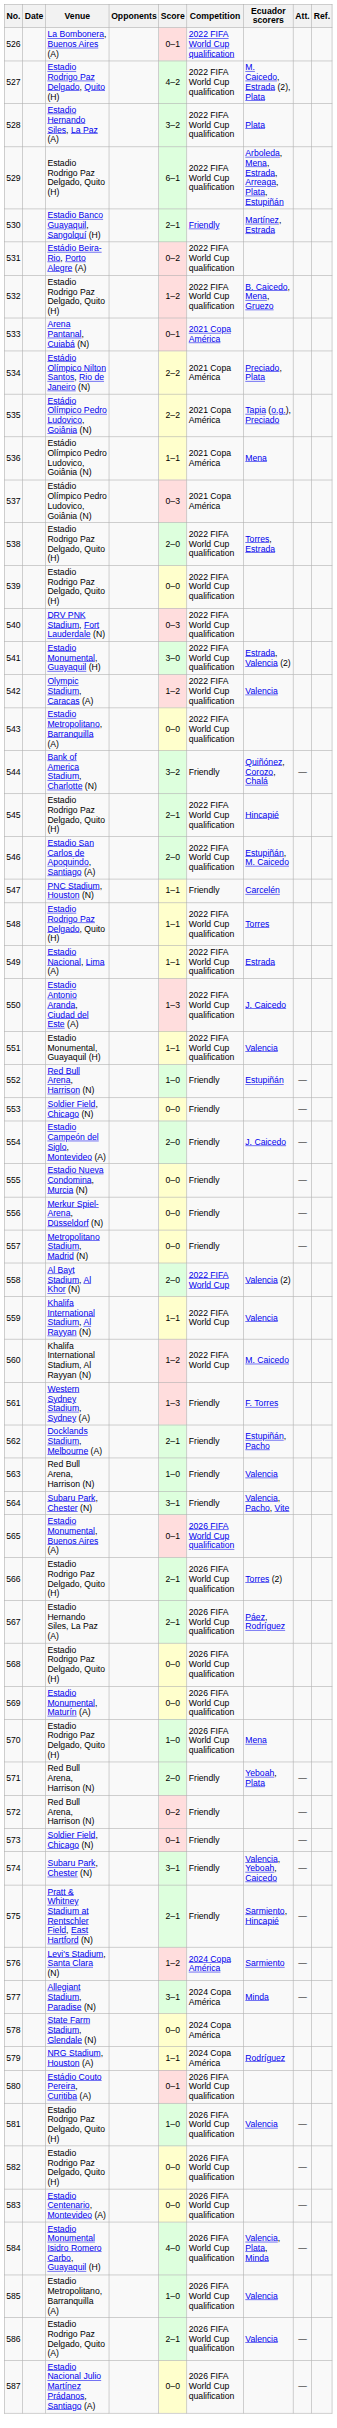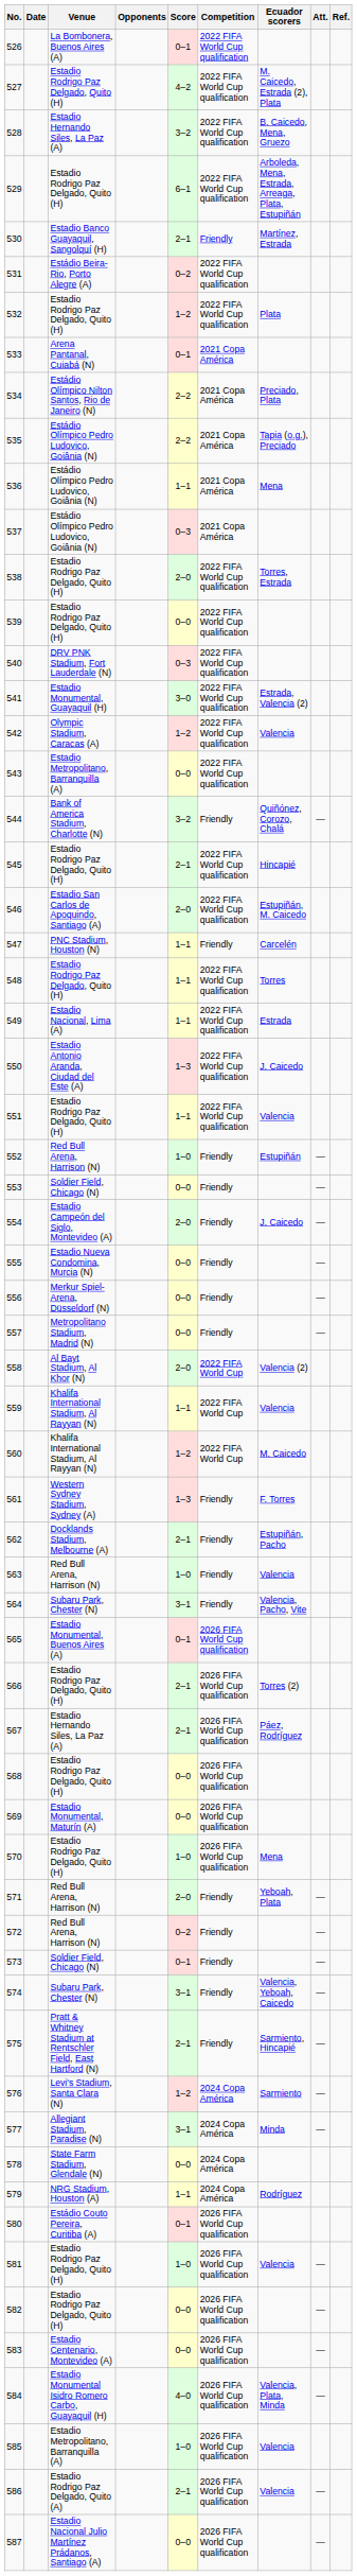 <table class="wikitable sortable">
 <tr>
 <th>No.</th>
 <th>Date</th>
 <th>Venue</th>
 <th>Opponents</th>
 <th>Score</th>
 <th>Competition</th>
 <th class=unsortable>Ecuador scorers</th>
 <th>Att.</th>
 <th class=unsortable>Ref.</th>
 </tr>
 <tr>
 <td>526</td>
 <td></td>
 <td><a href='#'>La Bombonera</a>, <a href='#'>Buenos Aires</a> (A)</td>
 <td></td>
 <td align=center bgcolor=#ffdddd>0–1</td>
 <td><a href='#'>2022 FIFA World Cup qualification</a></td>
 <td></td>
 <td align=center></td>
 <td></td>
 </tr>
 <tr>
 <td>527</td>
 <td></td>
 <td><a href='#'>Estadio Rodrigo Paz Delgado</a>, <a href='#'>Quito</a> (H)</td>
 <td></td>
 <td align=center bgcolor=#ddffdd>4–2</td>
 <td>2022 FIFA World Cup qualification</td>
 <td><a href='#'>M. Caicedo</a>, <a href='#'>Estrada</a> (2), <a href='#'>Plata</a></td>
 <td align=center></td>
 <td></td>
 </tr>
 <tr>
 <td>528</td>
 <td></td>
 <td><a href='#'>Estadio Hernando Siles</a>, <a href='#'>La Paz</a> (A)</td>
 <td></td>
 <td align=center bgcolor=#ddffdd>3–2</td>
 <td>2022 FIFA World Cup qualification</td>
-<td><a href='#'>Plata</a></td>
+<td><a href='#'>B. Caicedo</a>, <a href='#'>Mena</a>, <a href='#'>Gruezo</a></td>
 <td align=center></td>
 <td></td>
 </tr>
 <tr>
 <td>529</td>
 <td></td>
 <td>Estadio Rodrigo Paz Delgado, Quito (H)</td>
 <td></td>
 <td align=center bgcolor=#ddffdd>6–1</td>
 <td>2022 FIFA World Cup qualification</td>
 <td><a href='#'>Arboleda</a>, <a href='#'>Mena</a>, <a href='#'>Estrada</a>, <a href='#'>Arreaga</a>, <a href='#'>Plata</a>, <a href='#'>Estupiñán</a></td>
 <td align=center></td>
 <td></td>
 </tr>
 <tr>
 <td>530</td>
 <td></td>
 <td><a href='#'>Estadio Banco Guayaquil</a>, <a href='#'>Sangolquí</a> (H)</td>
 <td></td>
 <td align=center bgcolor=#ddffdd>2–1</td>
 <td><a href='#'>Friendly</a></td>
 <td><a href='#'>Martínez</a>, <a href='#'>Estrada</a></td>
 <td align=center></td>
 <td></td>
 </tr>
 <tr>
 <td>531</td>
 <td></td>
 <td><a href='#'>Estádio Beira-Rio</a>, <a href='#'>Porto Alegre</a> (A)</td>
 <td></td>
 <td align=center bgcolor=#ffdddd>0–2</td>
 <td>2022 FIFA World Cup qualification</td>
 <td></td>
 <td align=center></td>
 <td></td>
 </tr>
 <tr>
 <td>532</td>
 <td></td>
 <td>Estadio Rodrigo Paz Delgado, Quito (H)</td>
 <td></td>
 <td align=center bgcolor=#ffdddd>1–2</td>
 <td>2022 FIFA World Cup qualification</td>
-<td><a href='#'>B. Caicedo</a>, <a href='#'>Mena</a>, <a href='#'>Gruezo</a></td>
+<td><a href='#'>Plata</a></td>
 <td align=center></td>
 <td></td>
 </tr>
 <tr>
 <td>533</td>
 <td></td>
 <td><a href='#'>Arena Pantanal</a>, <a href='#'>Cuiabá</a> (N)</td>
 <td></td>
 <td align=center bgcolor=#ffdddd>0–1</td>
 <td><a href='#'>2021 Copa América</a></td>
 <td></td>
 <td align=center></td>
 <td></td>
 </tr>
 <tr>
 <td>534</td>
 <td></td>
 <td><a href='#'>Estádio Olímpico Nilton Santos</a>, <a href='#'>Rio de Janeiro</a> (N)</td>
 <td></td>
 <td align=center bgcolor=#ffffcc>2–2</td>
 <td>2021 Copa América</td>
 <td><a href='#'>Preciado</a>, <a href='#'>Plata</a></td>
 <td align=center></td>
 <td></td>
 </tr>
 <tr>
 <td>535</td>
 <td></td>
 <td><a href='#'>Estádio Olímpico Pedro Ludovico</a>, <a href='#'>Goiânia</a> (N)</td>
 <td></td>
 <td align=center bgcolor=#ffffcc>2–2</td>
 <td>2021 Copa América</td>
 <td><a href='#'>Tapia</a> (<a href='#'>o.g.</a>), <a href='#'>Preciado</a></td>
 <td align=center></td>
 <td></td>
 </tr>
 <tr>
 <td>536</td>
 <td></td>
 <td>Estádio Olímpico Pedro Ludovico, Goiânia (N)</td>
 <td></td>
 <td align=center bgcolor=#ffffcc>1–1</td>
 <td>2021 Copa América</td>
 <td><a href='#'>Mena</a></td>
 <td align=center></td>
 <td></td>
 </tr>
 <tr>
 <td>537</td>
 <td></td>
 <td>Estádio Olímpico Pedro Ludovico, Goiânia (N)</td>
 <td></td>
 <td align=center bgcolor=#ffdddd>0–3</td>
 <td>2021 Copa América</td>
 <td></td>
 <td align=center></td>
 <td></td>
 </tr>
 <tr>
 <td>538</td>
 <td></td>
 <td>Estadio Rodrigo Paz Delgado, Quito (H)</td>
 <td></td>
 <td align=center bgcolor=#ddffdd>2–0</td>
 <td>2022 FIFA World Cup qualification</td>
 <td><a href='#'>Torres</a>, <a href='#'>Estrada</a></td>
 <td align=center></td>
 <td></td>
 </tr>
 <tr>
 <td>539</td>
 <td></td>
 <td>Estadio Rodrigo Paz Delgado, Quito (H)</td>
 <td></td>
 <td align=center bgcolor=#ffffcc>0–0</td>
 <td>2022 FIFA World Cup qualification</td>
 <td></td>
 <td align=center></td>
 <td></td>
 </tr>
 <tr>
 <td>540</td>
 <td></td>
 <td><a href='#'>DRV PNK Stadium</a>, <a href='#'>Fort Lauderdale</a> (N)</td>
 <td></td>
 <td align=center bgcolor=#ffdddd>0–3</td>
 <td>2022 FIFA World Cup qualification</td>
 <td></td>
 <td align=center></td>
 <td></td>
 </tr>
 <tr>
 <td>541</td>
 <td></td>
 <td><a href='#'>Estadio Monumental</a>, <a href='#'>Guayaquil</a> (H)</td>
 <td></td>
 <td align=center bgcolor=#ddffdd>3–0</td>
 <td>2022 FIFA World Cup qualification</td>
 <td><a href='#'>Estrada</a>, <a href='#'>Valencia</a> (2)</td>
 <td align=center></td>
 <td></td>
 </tr>
 <tr>
 <td>542</td>
 <td></td>
 <td><a href='#'>Olympic Stadium</a>, <a href='#'>Caracas</a> (A)</td>
 <td></td>
 <td align=center bgcolor=#ffdddd>1–2</td>
 <td>2022 FIFA World Cup qualification</td>
 <td><a href='#'>Valencia</a></td>
 <td align=center></td>
 <td></td>
 </tr>
 <tr>
 <td>543</td>
 <td></td>
 <td><a href='#'>Estadio Metropolitano</a>, <a href='#'>Barranquilla</a> (A)</td>
 <td></td>
 <td align=center bgcolor=#ffffcc>0–0</td>
 <td>2022 FIFA World Cup qualification</td>
 <td></td>
 <td align=center></td>
 <td></td>
 </tr>
 <tr>
 <td>544</td>
 <td></td>
 <td><a href='#'>Bank of America Stadium</a>, <a href='#'>Charlotte</a> (N)</td>
 <td></td>
 <td align=center bgcolor=#ddffdd>3–2</td>
 <td>Friendly</td>
 <td><a href='#'>Quiñónez</a>, <a href='#'>Corozo</a>, <a href='#'>Chalá</a></td>
 <td align=center>—</td>
 <td></td>
 </tr>
 <tr>
 <td>545</td>
 <td></td>
 <td>Estadio Rodrigo Paz Delgado, Quito (H)</td>
 <td></td>
 <td align=center bgcolor=#ddffdd>2–1</td>
 <td>2022 FIFA World Cup qualification</td>
 <td><a href='#'>Hincapié</a></td>
 <td align=center></td>
 <td></td>
 </tr>
 <tr>
 <td>546</td>
 <td></td>
 <td><a href='#'>Estadio San Carlos de Apoquindo</a>, <a href='#'>Santiago</a> (A)</td>
 <td></td>
 <td align=center bgcolor=#ddffdd>2–0</td>
 <td>2022 FIFA World Cup qualification</td>
 <td><a href='#'>Estupiñán</a>, <a href='#'>M. Caicedo</a></td>
 <td align=center></td>
 <td></td>
 </tr>
 <tr>
 <td>547</td>
 <td></td>
 <td><a href='#'>PNC Stadium</a>, <a href='#'>Houston</a> (N)</td>
 <td></td>
 <td align=center bgcolor=#ffffcc>1–1</td>
 <td>Friendly</td>
 <td><a href='#'>Carcelén</a></td>
 <td align=center></td>
 <td></td>
 </tr>
 <tr>
 <td>548</td>
 <td></td>
 <td><a href='#'>Estadio Rodrigo Paz Delgado</a>, Quito (H)</td>
 <td></td>
 <td align=center bgcolor=#ffffcc>1–1</td>
 <td>2022 FIFA World Cup qualification</td>
 <td><a href='#'>Torres</a></td>
 <td align=center></td>
 <td></td>
 </tr>
 <tr>
 <td>549</td>
 <td></td>
 <td><a href='#'>Estadio Nacional</a>, <a href='#'>Lima</a> (A)</td>
 <td></td>
 <td align=center bgcolor=#ffffcc>1–1</td>
 <td>2022 FIFA World Cup qualification</td>
 <td><a href='#'>Estrada</a></td>
 <td align=center></td>
 <td></td>
 </tr>
 <tr>
 <td>550</td>
 <td></td>
 <td><a href='#'>Estadio Antonio Aranda</a>, <a href='#'>Ciudad del Este</a> (A)</td>
 <td></td>
 <td align=center bgcolor=#ffdddd>1–3</td>
 <td>2022 FIFA World Cup qualification</td>
 <td><a href='#'>J. Caicedo</a></td>
 <td align=center></td>
 <td></td>
 </tr>
 <tr>
 <td>551</td>
 <td></td>
-<td>Estadio Monumental, Guayaquil (H)</td>
+<td>Estadio Rodrigo Paz Delgado, Quito (H)</td>
 <td></td>
 <td align=center bgcolor=#ffffcc>1–1</td>
 <td>2022 FIFA World Cup qualification</td>
 <td><a href='#'>Valencia</a></td>
 <td align=center></td>
 <td></td>
 </tr>
 <tr>
 <td>552</td>
 <td></td>
 <td><a href='#'>Red Bull Arena</a>, <a href='#'>Harrison</a> (N)</td>
 <td></td>
 <td align=center bgcolor=#ddffdd>1–0</td>
 <td>Friendly</td>
 <td><a href='#'>Estupiñán</a></td>
 <td align=center>—</td>
 <td></td>
 </tr>
 <tr>
 <td>553</td>
 <td></td>
 <td><a href='#'>Soldier Field</a>, <a href='#'>Chicago</a> (N)</td>
 <td></td>
 <td align=center bgcolor=#ffffcc>0–0</td>
 <td>Friendly</td>
 <td></td>
 <td align=center>—</td>
 <td></td>
 </tr>
 <tr>
 <td>554</td>
 <td></td>
 <td><a href='#'>Estadio Campeón del Siglo</a>, <a href='#'>Montevideo</a> (A)</td>
 <td></td>
 <td align=center bgcolor=#ddffdd>2–0</td>
 <td>Friendly</td>
 <td><a href='#'>J. Caicedo</a></td>
 <td align=center>—</td>
 <td></td>
 </tr>
 <tr>
 <td>555</td>
 <td></td>
 <td><a href='#'>Estadio Nueva Condomina</a>, <a href='#'>Murcia</a> (N)</td>
 <td></td>
 <td align=center bgcolor=#ffffcc>0–0</td>
 <td>Friendly</td>
 <td></td>
 <td align=center>—</td>
 <td></td>
 </tr>
 <tr>
 <td>556</td>
 <td></td>
 <td><a href='#'>Merkur Spiel-Arena</a>, <a href='#'>Düsseldorf</a> (N)</td>
 <td></td>
 <td align=center bgcolor=#ffffcc>0–0</td>
 <td>Friendly</td>
 <td></td>
 <td align=center>—</td>
 <td></td>
 </tr>
 <tr>
 <td>557</td>
 <td></td>
 <td><a href='#'>Metropolitano Stadium</a>, <a href='#'>Madrid</a> (N)</td>
 <td></td>
 <td align=center bgcolor=#ffffcc>0–0</td>
 <td>Friendly</td>
 <td></td>
 <td align=center>—</td>
 <td></td>
 </tr>
 <tr>
 <td>558</td>
 <td></td>
 <td><a href='#'>Al Bayt Stadium</a>, <a href='#'>Al Khor</a> (N)</td>
 <td></td>
 <td align=center bgcolor=#ddffdd>2–0</td>
 <td><a href='#'>2022 FIFA World Cup</a></td>
 <td><a href='#'>Valencia</a> (2)</td>
 <td align=center></td>
 <td></td>
 </tr>
 <tr>
 <td>559</td>
 <td></td>
 <td><a href='#'>Khalifa International Stadium</a>, <a href='#'>Al Rayyan</a> (N)</td>
 <td></td>
 <td align=center bgcolor=#ffffcc>1–1</td>
 <td>2022 FIFA World Cup</td>
 <td><a href='#'>Valencia</a></td>
 <td align=center></td>
 <td></td>
 </tr>
 <tr>
 <td>560</td>
 <td></td>
 <td>Khalifa International Stadium, Al Rayyan (N)</td>
 <td></td>
 <td align=center bgcolor=#ffdddd>1–2</td>
 <td>2022 FIFA World Cup</td>
 <td><a href='#'>M. Caicedo</a></td>
 <td align=center></td>
 <td></td>
 </tr>
 <tr>
 <td>561</td>
 <td></td>
 <td><a href='#'>Western Sydney Stadium</a>, <a href='#'>Sydney</a> (A)</td>
 <td></td>
 <td align=center bgcolor=#ffdddd>1–3</td>
 <td>Friendly</td>
 <td><a href='#'>F. Torres</a></td>
 <td align=center></td>
 <td></td>
 </tr>
 <tr>
 <td>562</td>
 <td></td>
 <td><a href='#'>Docklands Stadium</a>, <a href='#'>Melbourne</a> (A)</td>
 <td></td>
 <td align=center bgcolor=#ddffdd>2–1</td>
 <td>Friendly</td>
 <td><a href='#'>Estupiñán</a>, <a href='#'>Pacho</a></td>
 <td align=center></td>
 <td></td>
 </tr>
 <tr>
 <td>563</td>
 <td></td>
 <td>Red Bull Arena, Harrison (N)</td>
 <td></td>
 <td align=center bgcolor=#ddffdd>1–0</td>
 <td>Friendly</td>
 <td><a href='#'>Valencia</a></td>
 <td align=center></td>
 <td></td>
 </tr>
 <tr>
 <td>564</td>
 <td></td>
 <td><a href='#'>Subaru Park</a>, <a href='#'>Chester</a> (N)</td>
 <td></td>
 <td align=center bgcolor=#ddffdd>3–1</td>
 <td>Friendly</td>
 <td><a href='#'>Valencia</a>, <a href='#'>Pacho</a>, <a href='#'>Vite</a></td>
 <td align=center></td>
 <td></td>
 </tr>
 <tr>
 <td>565</td>
 <td></td>
 <td><a href='#'>Estadio Monumental</a>, <a href='#'>Buenos Aires</a> (A)</td>
 <td></td>
 <td align=center bgcolor=#ffdddd>0–1</td>
 <td><a href='#'>2026 FIFA World Cup qualification</a></td>
 <td></td>
 <td align=center></td>
 <td></td>
 </tr>
 <tr>
 <td>566</td>
 <td></td>
 <td>Estadio Rodrigo Paz Delgado, Quito (H)</td>
 <td></td>
 <td align=center bgcolor=#ddffdd>2–1</td>
 <td>2026 FIFA World Cup qualification</td>
 <td><a href='#'>Torres</a> (2)</td>
 <td align=center></td>
 <td></td>
 </tr>
 <tr>
 <td>567</td>
 <td></td>
 <td>Estadio Hernando Siles, La Paz (A)</td>
 <td></td>
 <td align=center bgcolor=#ddffdd>2–1</td>
 <td>2026 FIFA World Cup qualification</td>
 <td><a href='#'>Páez</a>, <a href='#'>Rodríguez</a></td>
 <td align=center></td>
 <td></td>
 </tr>
 <tr>
 <td>568</td>
 <td></td>
 <td>Estadio Rodrigo Paz Delgado, Quito (H)</td>
 <td></td>
 <td align=center bgcolor=#ffffcc>0–0</td>
 <td>2026 FIFA World Cup qualification</td>
 <td></td>
 <td align=center></td>
 <td></td>
 </tr>
 <tr>
 <td>569</td>
 <td></td>
 <td><a href='#'>Estadio Monumental</a>, <a href='#'>Maturín</a> (A)</td>
 <td></td>
 <td align=center bgcolor=#ffffcc>0–0</td>
 <td>2026 FIFA World Cup qualification</td>
 <td></td>
 <td align=center></td>
 <td></td>
 </tr>
 <tr>
 <td>570</td>
 <td></td>
 <td>Estadio Rodrigo Paz Delgado, Quito (H)</td>
 <td></td>
 <td align=center bgcolor=#ddffdd>1–0</td>
 <td>2026 FIFA World Cup qualification</td>
 <td><a href='#'>Mena</a></td>
 <td align=center></td>
 <td></td>
 </tr>
 <tr>
 <td>571</td>
 <td></td>
 <td>Red Bull Arena, Harrison (N)</td>
 <td></td>
 <td align=center bgcolor=#ddffdd>2–0</td>
 <td>Friendly</td>
 <td><a href='#'>Yeboah</a>, <a href='#'>Plata</a></td>
 <td align=center>—</td>
 <td></td>
 </tr>
 <tr>
 <td>572</td>
 <td></td>
 <td>Red Bull Arena, Harrison (N)</td>
 <td></td>
 <td align=center bgcolor=#ffdddd>0–2</td>
 <td>Friendly</td>
 <td></td>
 <td align=center>—</td>
 <td></td>
 </tr>
 <tr>
 <td>573</td>
 <td></td>
 <td><a href='#'>Soldier Field</a>, <a href='#'>Chicago</a> (N)</td>
 <td></td>
 <td align=center bgcolor=#ffdddd>0–1</td>
 <td>Friendly</td>
 <td></td>
 <td align=center>—</td>
 <td></td>
 </tr>
 <tr>
 <td>574</td>
 <td></td>
 <td><a href='#'>Subaru Park</a>, <a href='#'>Chester</a> (N)</td>
 <td></td>
 <td align=center bgcolor=#ddffdd>3–1</td>
 <td>Friendly</td>
 <td><a href='#'>Valencia</a>, <a href='#'>Yeboah</a>, <a href='#'>Caicedo</a></td>
 <td align=center>—</td>
 <td></td>
 </tr>
 <tr>
 <td>575</td>
 <td></td>
 <td><a href='#'>Pratt & Whitney Stadium at Rentschler Field</a>, <a href='#'>East Hartford</a> (N)</td>
 <td></td>
 <td align=center bgcolor=#ddffdd>2–1</td>
 <td>Friendly</td>
 <td><a href='#'>Sarmiento</a>, <a href='#'>Hincapié</a></td>
 <td align=center>—</td>
 <td></td>
 </tr>
 <tr>
 <td>576</td>
 <td></td>
 <td><a href='#'>Levi's Stadium</a>, <a href='#'>Santa Clara</a> (N)</td>
 <td></td>
 <td align=center bgcolor=#ffdddd>1–2</td>
 <td><a href='#'>2024 Copa América</a></td>
 <td><a href='#'>Sarmiento</a></td>
 <td align=center>—</td>
 <td></td>
 </tr>
 <tr>
 <td>577</td>
 <td></td>
 <td><a href='#'>Allegiant Stadium</a>, <a href='#'>Paradise</a> (N)</td>
 <td></td>
 <td align=center bgcolor=#ddffdd>3–1</td>
 <td>2024 Copa América</td>
 <td><a href='#'>Minda</a></td>
 <td align=center>—</td>
 <td></td>
 </tr>
 <tr>
 <td>578</td>
 <td></td>
 <td><a href='#'>State Farm Stadium</a>, <a href='#'>Glendale</a> (N)</td>
 <td></td>
 <td align=center bgcolor=#ffffcc>0–0</td>
 <td>2024 Copa América</td>
 <td></td>
 <td align=center></td>
 <td></td>
 </tr>
 <tr>
 <td>579</td>
 <td></td>
 <td><a href='#'>NRG Stadium</a>, <a href='#'>Houston</a> (A)</td>
 <td></td>
 <td align=center bgcolor=#ffffcc>1–1<br></td>
 <td>2024 Copa América</td>
 <td><a href='#'>Rodríguez</a></td>
 <td align=center></td>
 <td></td>
 </tr>
 <tr>
 <td>580</td>
 <td></td>
 <td><a href='#'>Estádio Couto Pereira</a>, <a href='#'>Curitiba</a> (A)</td>
 <td></td>
 <td align=center bgcolor=#ffdddd>0–1</td>
 <td>2026 FIFA World Cup qualification</td>
 <td></td>
 <td align=center></td>
 <td></td>
 </tr>
 <tr>
 <td>581</td>
 <td></td>
 <td>Estadio Rodrigo Paz Delgado, Quito (H)</td>
 <td></td>
 <td align=center bgcolor=#ddffdd>1–0</td>
 <td>2026 FIFA World Cup qualification</td>
 <td><a href='#'>Valencia</a></td>
 <td align=center>—</td>
 <td></td>
 </tr>
 <tr>
 <td>582</td>
 <td></td>
 <td>Estadio Rodrigo Paz Delgado, Quito (H)</td>
 <td></td>
 <td align=center bgcolor=#ffffcc>0–0</td>
 <td>2026 FIFA World Cup qualification</td>
 <td></td>
 <td align=center>—</td>
 <td></td>
 </tr>
 <tr>
 <td>583</td>
 <td></td>
 <td><a href='#'>Estadio Centenario</a>, <a href='#'>Montevideo</a> (A)</td>
 <td></td>
 <td align=center bgcolor=#ffffcc>0–0</td>
 <td>2026 FIFA World Cup qualification</td>
 <td></td>
 <td align=center>—</td>
 <td></td>
 </tr>
 <tr>
 <td>584</td>
 <td></td>
 <td><a href='#'>Estadio Monumental Isidro Romero Carbo</a>, <a href='#'>Guayaquil</a> (H)</td>
 <td></td>
 <td align=center bgcolor=#ddffdd>4–0</td>
 <td>2026 FIFA World Cup qualification</td>
 <td><a href='#'>Valencia</a>, <a href='#'>Plata</a>, <a href='#'>Minda</a></td>
 <td align=center>—</td>
 <td></td>
 </tr>
 <tr>
 <td>585</td>
 <td></td>
 <td>Estadio Metropolitano, Barranquilla (A)</td>
 <td></td>
 <td align=center bgcolor=#ddffdd>1–0</td>
 <td>2026 FIFA World Cup qualification</td>
 <td><a href='#'>Valencia</a></td>
 <td align=center></td>
 <td></td>
 </tr>
 <tr>
 <td>586</td>
 <td></td>
 <td>Estadio Rodrigo Paz Delgado, Quito (A)</td>
 <td></td>
 <td align=center bgcolor=#ddffdd>2–1</td>
 <td>2026 FIFA World Cup qualification</td>
 <td><a href='#'>Valencia</a></td>
 <td align=center>—</td>
 <td></td>
 </tr>
 <tr>
 <td>587</td>
 <td></td>
 <td><a href='#'>Estadio Nacional Julio Martínez Prádanos</a>, <a href='#'>Santiago</a> (A)</td>
 <td></td>
 <td align=center bgcolor=#ffffcc>0–0</td>
 <td>2026 FIFA World Cup qualification</td>
 <td></td>
 <td align=center>—</td>
 <td></td>
 </tr>
 </table>
